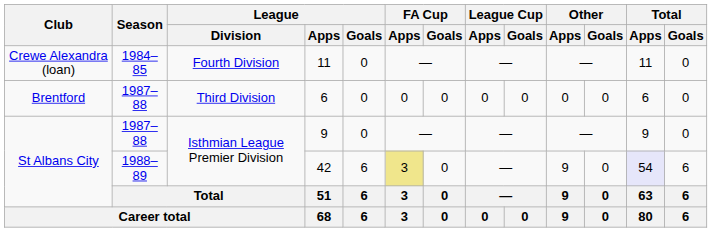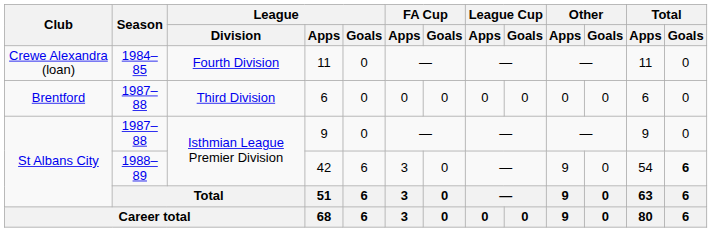 <table class="wikitable" style="text-align: center;">
 <tr>
 <th rowspan="2">Club</th>
 <th rowspan="2">Season</th>
 <th colspan="3">League</th>
 <th colspan="2">FA Cup</th>
 <th colspan="2">League Cup</th>
 <th colspan="2">Other</th>
 <th colspan="2">Total</th>
 </tr>
 <tr>
 <th>Division</th>
 <th>Apps</th>
 <th>Goals</th>
 <th>Apps</th>
 <th>Goals</th>
 <th>Apps</th>
 <th>Goals</th>
 <th>Apps</th>
 <th>Goals</th>
 <th>Apps</th>
 <th>Goals</th>
 </tr>
 <tr>
 <td><a href='#'>Crewe Alexandra</a> (loan)</td>
 <td><a href='#'>1984–85</a></td>
 <td><a href='#'>Fourth Division</a></td>
 <td>11</td>
 <td>0</td>
 <td colspan="2">—</td>
 <td colspan="2">—</td>
 <td colspan="2">—</td>
 <td>11</td>
 <td>0</td>
 </tr>
 <tr>
 <td><a href='#'>Brentford</a></td>
 <td><a href='#'>1987–88</a></td>
 <td><a href='#'>Third Division</a></td>
 <td>6</td>
 <td>0</td>
 <td>0</td>
 <td>0</td>
 <td>0</td>
 <td>0</td>
 <td>0</td>
 <td>0</td>
 <td>6</td>
 <td>0</td>
 </tr>
 <tr>
 <td rowspan="3"><a href='#'>St Albans City</a></td>
 <td><a href='#'>1987–88</a></td>
 <td rowspan="2"><a href='#'>Isthmian League</a> Premier Division</td>
 <td>9</td>
 <td>0</td>
 <td colspan="2">—</td>
 <td colspan="2">—</td>
 <td colspan="2">—</td>
 <td>9</td>
 <td>0</td>
 </tr>
 <tr>
 <td><a href='#'>1988–89</a></td>
 <td>42</td>
 <td>6</td>
-<td style="background: khaki;">3</td>
+<td>3</td>
 <td>0</td>
 <td colspan="2">—</td>
 <td>9</td>
 <td>0</td>
-<td style="background: lavender;">54</td>
-<td>6</td>
+<td>54</td>
+<td><strong>6</strong></td>
 </tr>
 <tr>
 <th colspan="2">Total</th>
 <th>51</th>
 <th>6</th>
 <th>3</th>
 <th>0</th>
 <th colspan="2">—</th>
 <th>9</th>
 <th>0</th>
 <th>63</th>
 <th>6</th>
 </tr>
 <tr>
 <th colspan="3">Career total</th>
 <th>68</th>
 <th>6</th>
 <th>3</th>
 <th>0</th>
 <th>0</th>
 <th>0</th>
 <th>9</th>
 <th>0</th>
 <th>80</th>
 <th>6</th>
 </tr>
 </table>
